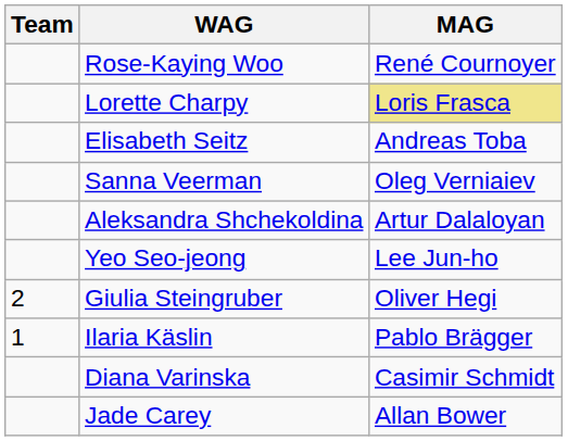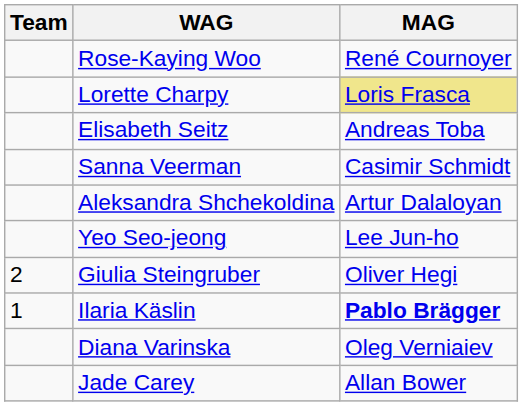 <table class="wikitable">
 <tr>
 <th style="text-align:center;">Team</th>
 <th style="text-align:center;">WAG</th>
 <th style="text-align:center;">MAG</th>
 </tr>
 <tr>
 <td></td>
 <td><a href='#'>Rose-Kaying Woo</a></td>
 <td><a href='#'>René Cournoyer</a></td>
 </tr>
 <tr>
 <td></td>
 <td><a href='#'>Lorette Charpy</a></td>
 <td style="background: khaki;"><a href='#'>Loris Frasca</a></td>
 </tr>
 <tr>
 <td></td>
 <td><a href='#'>Elisabeth Seitz</a></td>
 <td><a href='#'>Andreas Toba</a></td>
 </tr>
 <tr>
 <td></td>
 <td><a href='#'>Sanna Veerman</a></td>
-<td><a href='#'>Oleg Verniaiev</a></td>
+<td><a href='#'>Casimir Schmidt</a></td>
 </tr>
 <tr>
 <td></td>
 <td><a href='#'>Aleksandra Shchekoldina</a></td>
 <td><a href='#'>Artur Dalaloyan</a></td>
 </tr>
 <tr>
 <td></td>
 <td><a href='#'>Yeo Seo-jeong</a></td>
 <td><a href='#'>Lee Jun-ho</a></td>
 </tr>
 <tr>
 <td> 2</td>
 <td><a href='#'>Giulia Steingruber</a></td>
 <td><a href='#'>Oliver Hegi</a></td>
 </tr>
 <tr>
 <td> 1</td>
 <td><a href='#'>Ilaria Käslin</a></td>
-<td><a href='#'>Pablo Brägger</a></td>
+<td><strong><a href='#'>Pablo Brägger</a></strong></td>
 </tr>
 <tr>
 <td></td>
 <td><a href='#'>Diana Varinska</a></td>
-<td><a href='#'>Casimir Schmidt</a></td>
+<td><a href='#'>Oleg Verniaiev</a></td>
 </tr>
 <tr>
 <td></td>
 <td><a href='#'>Jade Carey</a></td>
 <td><a href='#'>Allan Bower</a></td>
 </tr>
 </table>
